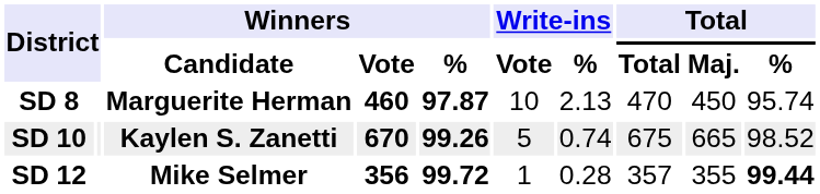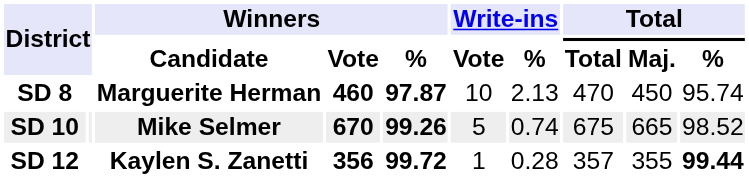 <table class="toccolours sortable" style="text-align:center;">
 <tr style="background:lavender">
 <th rowspan="3" colspan="2">District</th>
 <th colspan=3>Winners</th>
 <th colspan=2><a href='#'>Write-ins</a></th>
 <th colspan=3>Total</th>
 </tr>
 <tr>
 <th colspan=3 style="background-color:"></th>
 <th colspan=2 style="background-color:#ffffff"></th>
 <th colspan=3 style="background-color:#000000"></th>
 </tr>
 <tr>
 <th align="center">Candidate</th>
 <th align="center">Vote</th>
 <th align="center">%</th>
 <th align="center">Vote</th>
 <th align="center">%</th>
 <th align="center">Total</th>
 <th align="center">Maj.</th>
 <th align="center">%</th>
 </tr>
 <tr>
 <th>SD 8</th>
 <td style="background-color:"></td>
 <td><strong>Marguerite Herman</strong></td>
 <td><strong>460</strong></td>
 <td><strong>97.87</strong></td>
 <td>10</td>
 <td>2.13</td>
 <td>470</td>
 <td>450</td>
 <td>95.74</td>
 </tr>
 <tr style="background:#EEEEEE;">
 <th>SD 10</th>
 <td style="background-color:"></td>
-<td><strong>Kaylen S. Zanetti</strong></td>
+<td><strong>Mike Selmer</strong></td>
 <td><strong>670</strong></td>
 <td><strong>99.26</strong></td>
 <td>5</td>
 <td>0.74</td>
 <td>675</td>
 <td>665</td>
 <td>98.52</td>
 </tr>
 <tr>
 <th>SD 12</th>
 <td style="background-color:"></td>
-<td><strong>Mike Selmer</strong></td>
+<td><strong>Kaylen S. Zanetti</strong></td>
 <td><strong>356</strong></td>
 <td><strong>99.72</strong></td>
 <td>1</td>
 <td>0.28</td>
 <td>357</td>
 <td>355</td>
 <td><strong>99.44</strong></td>
 </tr>
 </table>
